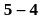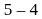 <table style="text-align:center">
 <tr>
 <th width=200></th>
 <th width=100></th>
 <th width=200></th>
 </tr>
 <tr>
 <td align=right><strong></strong></td>
-<td><strong>5 – 4</strong></td>
+<td>5 – 4</td>
 <td align=left></td>
 </tr>
 </table>
